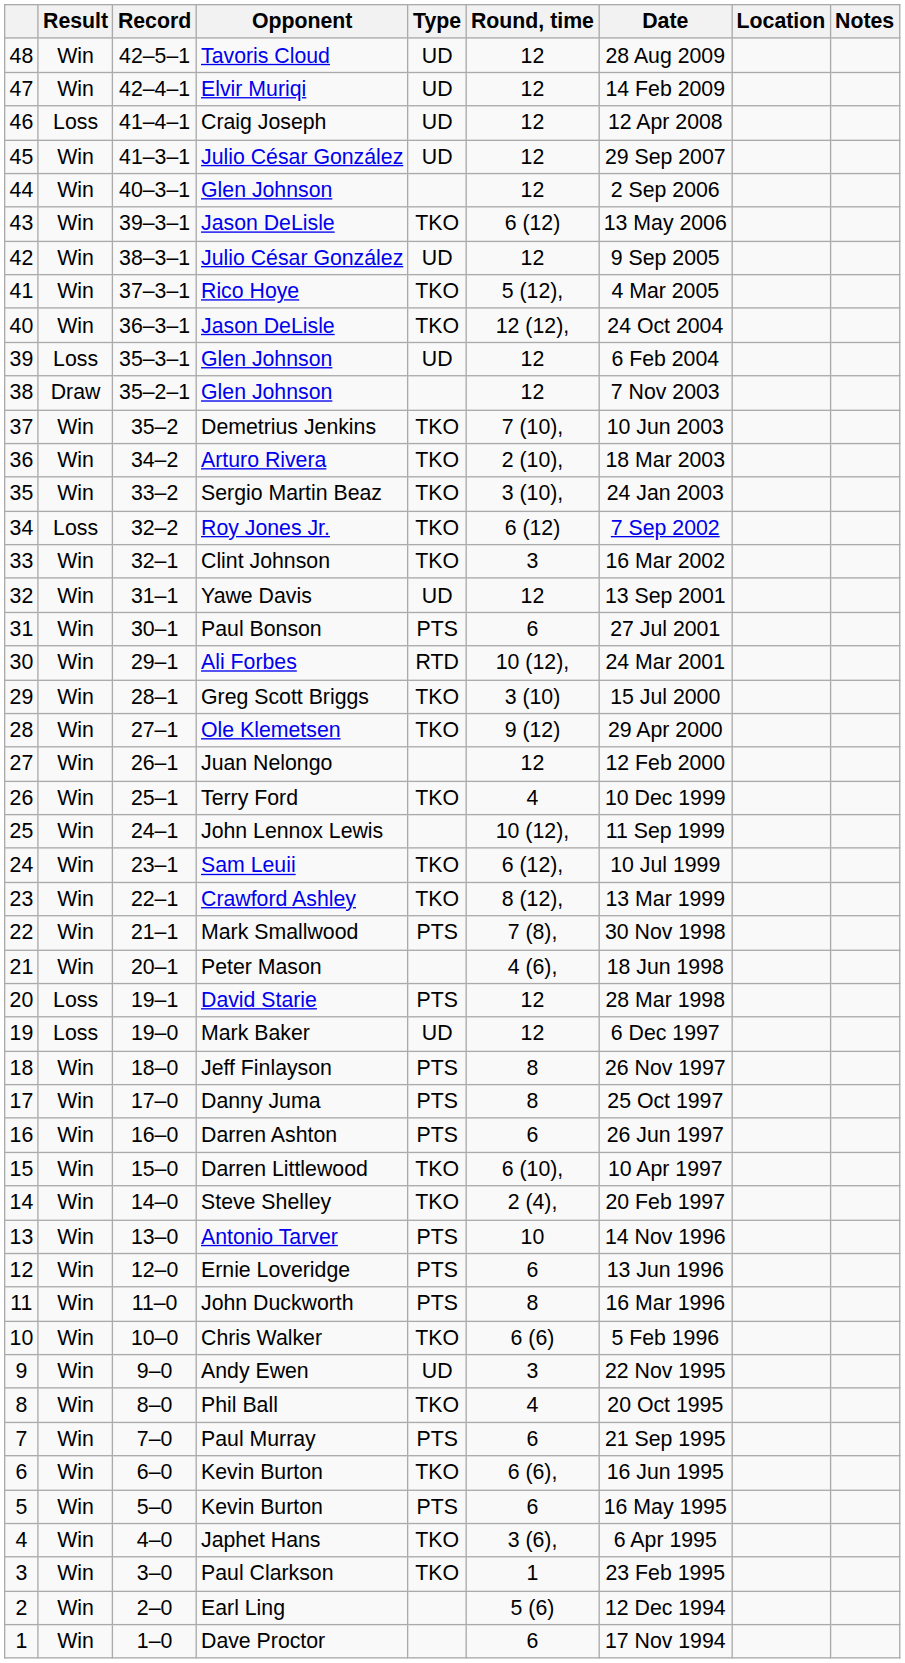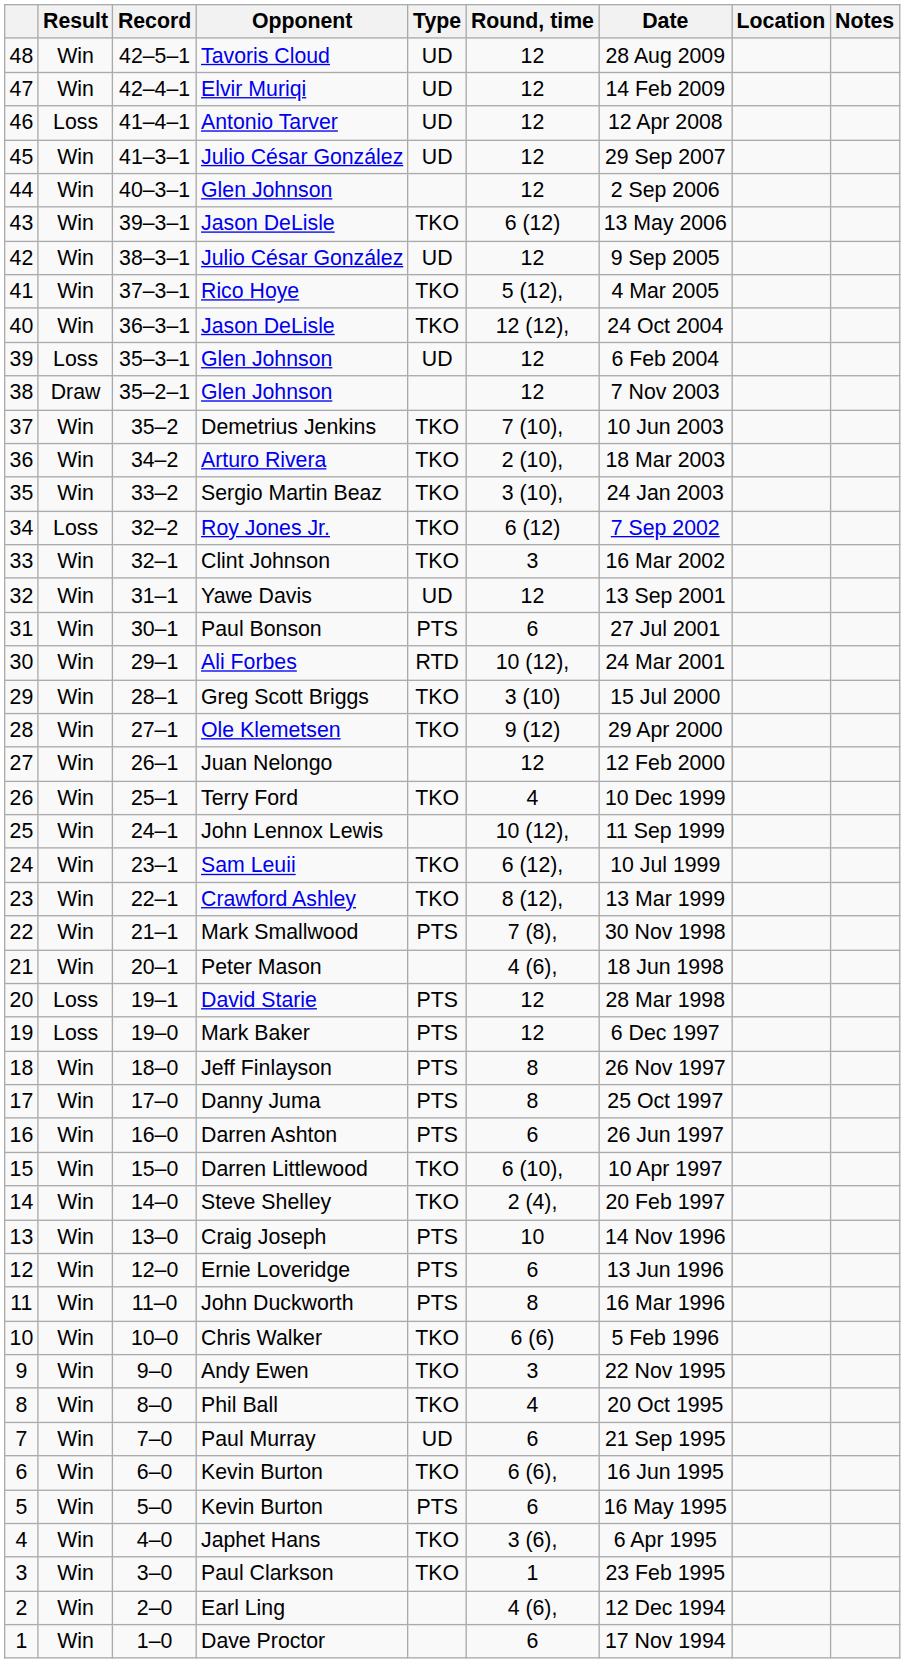 <table class="wikitable" style="text-align:center">
 <tr>
 <th></th>
 <th>Result</th>
 <th>Record</th>
 <th>Opponent</th>
 <th>Type</th>
 <th>Round, time</th>
 <th>Date</th>
 <th>Location</th>
 <th>Notes</th>
 </tr>
 <tr>
 <td>48</td>
 <td>Win</td>
 <td>42–5–1</td>
 <td style="text-align:left;"><a href='#'>Tavoris Cloud</a></td>
 <td>UD</td>
 <td>12</td>
 <td>28 Aug 2009</td>
 <td style="text-align:left;"></td>
 <td style="text-align:left;"></td>
 </tr>
 <tr>
 <td>47</td>
 <td>Win</td>
 <td>42–4–1</td>
 <td style="text-align:left;"><a href='#'>Elvir Muriqi</a></td>
 <td>UD</td>
 <td>12</td>
 <td>14 Feb 2009</td>
 <td style="text-align:left;"></td>
 <td></td>
 </tr>
 <tr>
 <td>46</td>
 <td>Loss</td>
 <td>41–4–1</td>
-<td style="text-align:left;">Craig Joseph</td>
+<td style="text-align:left;"><a href='#'>Antonio Tarver</a></td>
 <td>UD</td>
 <td>12</td>
 <td>12 Apr 2008</td>
 <td style="text-align:left;"></td>
 <td style="text-align:left;"></td>
 </tr>
 <tr>
 <td>45</td>
 <td>Win</td>
 <td>41–3–1</td>
 <td style="text-align:left;"><a href='#'>Julio César González</a></td>
 <td>UD</td>
 <td>12</td>
 <td>29 Sep 2007</td>
 <td style="text-align:left;"></td>
 <td style="text-align:left;"></td>
 </tr>
 <tr>
 <td>44</td>
 <td>Win</td>
 <td>40–3–1</td>
 <td style="text-align:left;"><a href='#'>Glen Johnson</a></td>
 <td></td>
 <td>12</td>
 <td>2 Sep 2006</td>
 <td style="text-align:left;"></td>
 <td style="text-align:left;"></td>
 </tr>
 <tr>
 <td>43</td>
 <td>Win</td>
 <td>39–3–1</td>
 <td style="text-align:left;"><a href='#'>Jason DeLisle</a></td>
 <td>TKO</td>
 <td>6 (12)</td>
 <td>13 May 2006</td>
 <td style="text-align:left;"></td>
 <td style="text-align:left;"></td>
 </tr>
 <tr>
 <td>42</td>
 <td>Win</td>
 <td>38–3–1</td>
 <td style="text-align:left;"><a href='#'>Julio César González</a></td>
 <td>UD</td>
 <td>12</td>
 <td>9 Sep 2005</td>
 <td style="text-align:left;"></td>
 <td style="text-align:left;"></td>
 </tr>
 <tr>
 <td>41</td>
 <td>Win</td>
 <td>37–3–1</td>
 <td style="text-align:left;"><a href='#'>Rico Hoye</a></td>
 <td>TKO</td>
 <td>5 (12), </td>
 <td>4 Mar 2005</td>
 <td style="text-align:left;"></td>
 <td style="text-align:left;"></td>
 </tr>
 <tr>
 <td>40</td>
 <td>Win</td>
 <td>36–3–1</td>
 <td style="text-align:left;"><a href='#'>Jason DeLisle</a></td>
 <td>TKO</td>
 <td>12 (12), </td>
 <td>24 Oct 2004</td>
 <td style="text-align:left;"></td>
 <td></td>
 </tr>
 <tr>
 <td>39</td>
 <td>Loss</td>
 <td>35–3–1</td>
 <td style="text-align:left;"><a href='#'>Glen Johnson</a></td>
 <td>UD</td>
 <td>12</td>
 <td>6 Feb 2004</td>
 <td style="text-align:left;"></td>
 <td style="text-align:left;"></td>
 </tr>
 <tr>
 <td>38</td>
 <td>Draw</td>
 <td>35–2–1</td>
 <td style="text-align:left;"><a href='#'>Glen Johnson</a></td>
 <td></td>
 <td>12</td>
 <td>7 Nov 2003</td>
 <td style="text-align:left;"></td>
 <td style="text-align:left;"></td>
 </tr>
 <tr>
 <td>37</td>
 <td>Win</td>
 <td>35–2</td>
 <td style="text-align:left;">Demetrius Jenkins</td>
 <td>TKO</td>
 <td>7 (10), </td>
 <td>10 Jun 2003</td>
 <td style="text-align:left;"></td>
 <td></td>
 </tr>
 <tr>
 <td>36</td>
 <td>Win</td>
 <td>34–2</td>
 <td style="text-align:left;"><a href='#'>Arturo Rivera</a></td>
 <td>TKO</td>
 <td>2 (10), </td>
 <td>18 Mar 2003</td>
 <td style="text-align:left;"></td>
 <td></td>
 </tr>
 <tr>
 <td>35</td>
 <td>Win</td>
 <td>33–2</td>
 <td style="text-align:left;">Sergio Martin Beaz</td>
 <td>TKO</td>
 <td>3 (10), </td>
 <td>24 Jan 2003</td>
 <td style="text-align:left;"></td>
 <td></td>
 </tr>
 <tr>
 <td>34</td>
 <td>Loss</td>
 <td>32–2</td>
 <td style="text-align:left;"><a href='#'>Roy Jones Jr.</a></td>
 <td>TKO</td>
 <td>6 (12)</td>
 <td><a href='#'>7 Sep 2002</a></td>
 <td style="text-align:left;"></td>
 <td style="text-align:left;"></td>
 </tr>
 <tr>
 <td>33</td>
 <td>Win</td>
 <td>32–1</td>
 <td style="text-align:left;">Clint Johnson</td>
 <td>TKO</td>
 <td>3</td>
 <td>16 Mar 2002</td>
 <td style="text-align:left;"></td>
 <td></td>
 </tr>
 <tr>
 <td>32</td>
 <td>Win</td>
 <td>31–1</td>
 <td style="text-align:left;">Yawe Davis</td>
 <td>UD</td>
 <td>12</td>
 <td>13 Sep 2001</td>
 <td style="text-align:left;"></td>
 <td></td>
 </tr>
 <tr>
 <td>31</td>
 <td>Win</td>
 <td>30–1</td>
 <td style="text-align:left;">Paul Bonson</td>
 <td>PTS</td>
 <td>6</td>
 <td>27 Jul 2001</td>
 <td style="text-align:left;"></td>
 <td></td>
 </tr>
 <tr>
 <td>30</td>
 <td>Win</td>
 <td>29–1</td>
 <td style="text-align:left;"><a href='#'>Ali Forbes</a></td>
 <td>RTD</td>
 <td>10 (12), </td>
 <td>24 Mar 2001</td>
 <td style="text-align:left;"></td>
 <td style="text-align:left;"></td>
 </tr>
 <tr>
 <td>29</td>
 <td>Win</td>
 <td>28–1</td>
 <td style="text-align:left;">Greg Scott Briggs</td>
 <td>TKO</td>
 <td>3 (10)</td>
 <td>15 Jul 2000</td>
 <td style="text-align:left;"></td>
 <td></td>
 </tr>
 <tr>
 <td>28</td>
 <td>Win</td>
 <td>27–1</td>
 <td style="text-align:left;"><a href='#'>Ole Klemetsen</a></td>
 <td>TKO</td>
 <td>9 (12)</td>
 <td>29 Apr 2000</td>
 <td style="text-align:left;"></td>
 <td style="text-align:left;"></td>
 </tr>
 <tr>
 <td>27</td>
 <td>Win</td>
 <td>26–1</td>
 <td style="text-align:left;">Juan Nelongo</td>
 <td></td>
 <td>12</td>
 <td>12 Feb 2000</td>
 <td style="text-align:left;"></td>
 <td style="text-align:left;"></td>
 </tr>
 <tr>
 <td>26</td>
 <td>Win</td>
 <td>25–1</td>
 <td style="text-align:left;">Terry Ford</td>
 <td>TKO</td>
 <td>4</td>
 <td>10 Dec 1999</td>
 <td style="text-align:left;"></td>
 <td></td>
 </tr>
 <tr>
 <td>25</td>
 <td>Win</td>
 <td>24–1</td>
 <td style="text-align:left;">John Lennox Lewis</td>
 <td></td>
 <td>10 (12), </td>
 <td>11 Sep 1999</td>
 <td style="text-align:left;"></td>
 <td style="text-align:left;"></td>
 </tr>
 <tr>
 <td>24</td>
 <td>Win</td>
 <td>23–1</td>
 <td style="text-align:left;"><a href='#'>Sam Leuii</a></td>
 <td>TKO</td>
 <td>6 (12), </td>
 <td>10 Jul 1999</td>
 <td style="text-align:left;"></td>
 <td style="text-align:left;"></td>
 </tr>
 <tr>
 <td>23</td>
 <td>Win</td>
 <td>22–1</td>
 <td style="text-align:left;"><a href='#'>Crawford Ashley</a></td>
 <td>TKO</td>
 <td>8 (12), </td>
 <td>13 Mar 1999</td>
 <td style="text-align:left;"></td>
 <td style="text-align:left;"></td>
 </tr>
 <tr>
 <td>22</td>
 <td>Win</td>
 <td>21–1</td>
 <td style="text-align:left;">Mark Smallwood</td>
 <td>PTS</td>
 <td>7 (8), </td>
 <td>30 Nov 1998</td>
 <td style="text-align:left;"></td>
 <td></td>
 </tr>
 <tr>
 <td>21</td>
 <td>Win</td>
 <td>20–1</td>
 <td style="text-align:left;">Peter Mason</td>
 <td></td>
 <td>4 (6), </td>
 <td>18 Jun 1998</td>
 <td style="text-align:left;"></td>
 <td></td>
 </tr>
 <tr>
 <td>20</td>
 <td>Loss</td>
 <td>19–1</td>
 <td style="text-align:left;"><a href='#'>David Starie</a></td>
 <td>PTS</td>
 <td>12</td>
 <td>28 Mar 1998</td>
 <td style="text-align:left;"></td>
 <td style="text-align:left;"></td>
 </tr>
 <tr>
 <td>19</td>
 <td>Loss</td>
 <td>19–0</td>
 <td style="text-align:left;">Mark Baker</td>
-<td>UD</td>
+<td>PTS</td>
 <td>12</td>
 <td>6 Dec 1997</td>
 <td style="text-align:left;"></td>
 <td style="text-align:left;"></td>
 </tr>
 <tr>
 <td>18</td>
 <td>Win</td>
 <td>18–0</td>
 <td style="text-align:left;">Jeff Finlayson</td>
 <td>PTS</td>
 <td>8</td>
 <td>26 Nov 1997</td>
 <td style="text-align:left;"></td>
 <td></td>
 </tr>
 <tr>
 <td>17</td>
 <td>Win</td>
 <td>17–0</td>
 <td style="text-align:left;">Danny Juma</td>
 <td>PTS</td>
 <td>8</td>
 <td>25 Oct 1997</td>
 <td style="text-align:left;"></td>
 <td></td>
 </tr>
 <tr>
 <td>16</td>
 <td>Win</td>
 <td>16–0</td>
 <td style="text-align:left;">Darren Ashton</td>
 <td>PTS</td>
 <td>6</td>
 <td>26 Jun 1997</td>
 <td style="text-align:left;"></td>
 <td></td>
 </tr>
 <tr>
 <td>15</td>
 <td>Win</td>
 <td>15–0</td>
 <td style="text-align:left;">Darren Littlewood</td>
 <td>TKO</td>
 <td>6 (10), </td>
 <td>10 Apr 1997</td>
 <td style="text-align:left;"></td>
 <td style="text-align:left;"></td>
 </tr>
 <tr>
 <td>14</td>
 <td>Win</td>
 <td>14–0</td>
 <td style="text-align:left;">Steve Shelley</td>
 <td>TKO</td>
 <td>2 (4), </td>
 <td>20 Feb 1997</td>
 <td style="text-align:left;"></td>
 <td></td>
 </tr>
 <tr>
 <td>13</td>
 <td>Win</td>
 <td>13–0</td>
-<td style="text-align:left;"><a href='#'>Antonio Tarver</a></td>
+<td style="text-align:left;">Craig Joseph</td>
 <td>PTS</td>
 <td>10</td>
 <td>14 Nov 1996</td>
 <td style="text-align:left;"></td>
 <td style="text-align:left;"></td>
 </tr>
 <tr>
 <td>12</td>
 <td>Win</td>
 <td>12–0</td>
 <td style="text-align:left;">Ernie Loveridge</td>
 <td>PTS</td>
 <td>6</td>
 <td>13 Jun 1996</td>
 <td style="text-align:left;"></td>
 <td></td>
 </tr>
 <tr>
 <td>11</td>
 <td>Win</td>
 <td>11–0</td>
 <td style="text-align:left;">John Duckworth</td>
 <td>PTS</td>
 <td>8</td>
 <td>16 Mar 1996</td>
 <td style="text-align:left;"></td>
 <td></td>
 </tr>
 <tr>
 <td>10</td>
 <td>Win</td>
 <td>10–0</td>
 <td style="text-align:left;">Chris Walker</td>
 <td>TKO</td>
 <td>6 (6)</td>
 <td>5 Feb 1996</td>
 <td style="text-align:left;"></td>
 <td></td>
 </tr>
 <tr>
 <td>9</td>
 <td>Win</td>
 <td>9–0</td>
 <td style="text-align:left;">Andy Ewen</td>
-<td>UD</td>
+<td>TKO</td>
 <td>3</td>
 <td>22 Nov 1995</td>
 <td style="text-align:left;"></td>
 <td></td>
 </tr>
 <tr>
 <td>8</td>
 <td>Win</td>
 <td>8–0</td>
 <td style="text-align:left;">Phil Ball</td>
 <td>TKO</td>
 <td>4</td>
 <td>20 Oct 1995</td>
 <td style="text-align:left;"></td>
 <td></td>
 </tr>
 <tr>
 <td>7</td>
 <td>Win</td>
 <td>7–0</td>
 <td style="text-align:left;">Paul Murray</td>
-<td>PTS</td>
+<td>UD</td>
 <td>6</td>
 <td>21 Sep 1995</td>
 <td style="text-align:left;"></td>
 <td></td>
 </tr>
 <tr>
 <td>6</td>
 <td>Win</td>
 <td>6–0</td>
 <td style="text-align:left;">Kevin Burton</td>
 <td>TKO</td>
 <td>6 (6), </td>
 <td>16 Jun 1995</td>
 <td style="text-align:left;"></td>
 <td></td>
 </tr>
 <tr>
 <td>5</td>
 <td>Win</td>
 <td>5–0</td>
 <td style="text-align:left;">Kevin Burton</td>
 <td>PTS</td>
 <td>6</td>
 <td>16 May 1995</td>
 <td style="text-align:left;"></td>
 <td></td>
 </tr>
 <tr>
 <td>4</td>
 <td>Win</td>
 <td>4–0</td>
 <td style="text-align:left;">Japhet Hans</td>
 <td>TKO</td>
 <td>3 (6), </td>
 <td>6 Apr 1995</td>
 <td style="text-align:left;"></td>
 <td></td>
 </tr>
 <tr>
 <td>3</td>
 <td>Win</td>
 <td>3–0</td>
 <td style="text-align:left;">Paul Clarkson</td>
 <td>TKO</td>
 <td>1</td>
 <td>23 Feb 1995</td>
 <td style="text-align:left;"></td>
 <td></td>
 </tr>
 <tr>
 <td>2</td>
 <td>Win</td>
 <td>2–0</td>
 <td style="text-align:left;">Earl Ling</td>
 <td></td>
-<td>5 (6)</td>
+<td>4 (6), </td>
 <td>12 Dec 1994</td>
 <td style="text-align:left;"></td>
 <td></td>
 </tr>
 <tr>
 <td>1</td>
 <td>Win</td>
 <td>1–0</td>
 <td style="text-align:left;">Dave Proctor</td>
 <td></td>
 <td>6</td>
 <td>17 Nov 1994</td>
 <td style="text-align:left;"></td>
 <td></td>
 </tr>
 </table>
